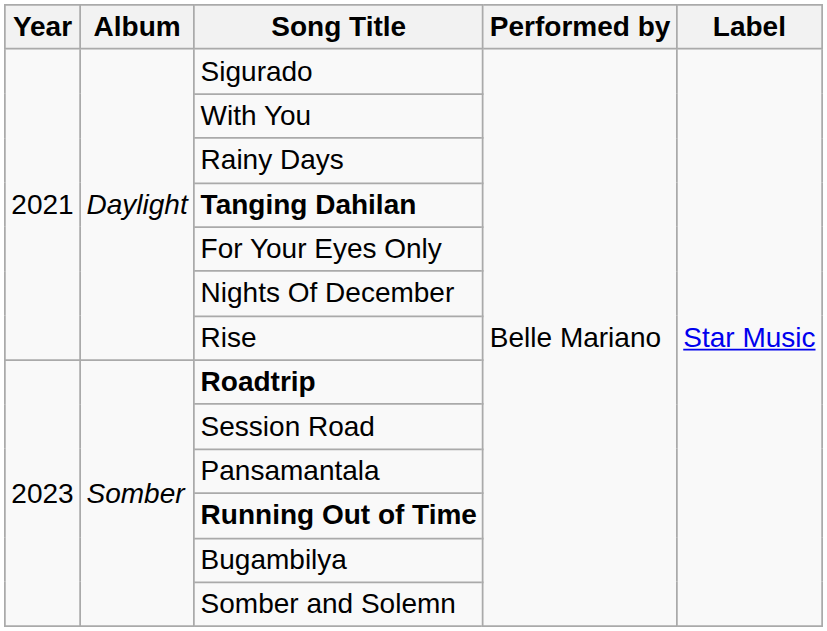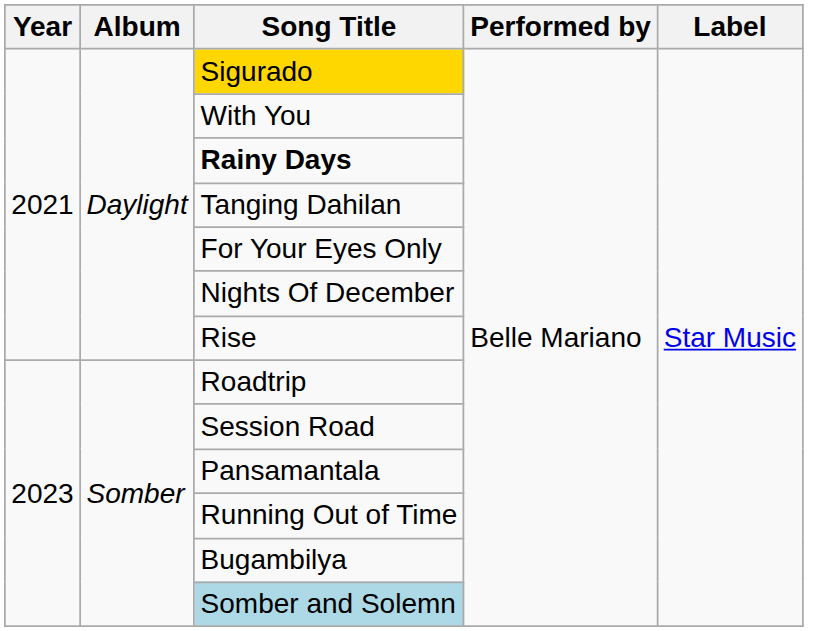 <table class="wikitable">
 <tr>
 <th>Year</th>
 <th>Album</th>
 <th>Song Title</th>
 <th>Performed by</th>
 <th>Label</th>
 </tr>
 <tr>
 <td rowspan="7">2021</td>
 <td rowspan="7"><em>Daylight</em></td>
-<td>Sigurado</td>
+<td style="background: gold;">Sigurado</td>
 <td rowspan="13">Belle Mariano</td>
 <td rowspan="13"><a href='#'>Star Music</a></td>
 </tr>
 <tr>
 <td>With You</td>
 </tr>
 <tr>
-<td>Rainy Days</td>
+<td><strong>Rainy Days</strong></td>
 </tr>
 <tr>
-<td><strong>Tanging Dahilan</strong></td>
+<td>Tanging Dahilan</td>
 </tr>
 <tr>
 <td>For Your Eyes Only</td>
 </tr>
 <tr>
 <td>Nights Of December</td>
 </tr>
 <tr>
 <td>Rise</td>
 </tr>
 <tr>
 <td rowspan="6">2023</td>
 <td rowspan="6"><em>Somber</em></td>
-<td><strong>Roadtrip</strong></td>
+<td>Roadtrip</td>
 </tr>
 <tr>
 <td>Session Road</td>
 </tr>
 <tr>
 <td>Pansamantala</td>
 </tr>
 <tr>
-<td><strong>Running Out of Time</strong></td>
+<td>Running Out of Time</td>
 </tr>
 <tr>
 <td>Bugambilya</td>
 </tr>
 <tr>
-<td>Somber and Solemn</td>
+<td style="background: lightblue;">Somber and Solemn</td>
 </tr>
 </table>
